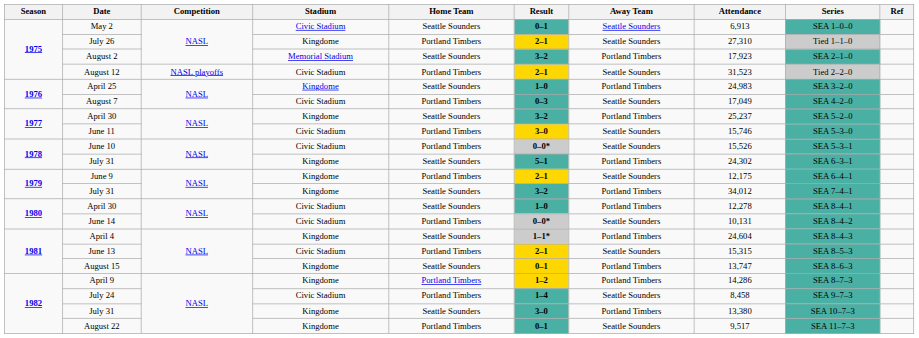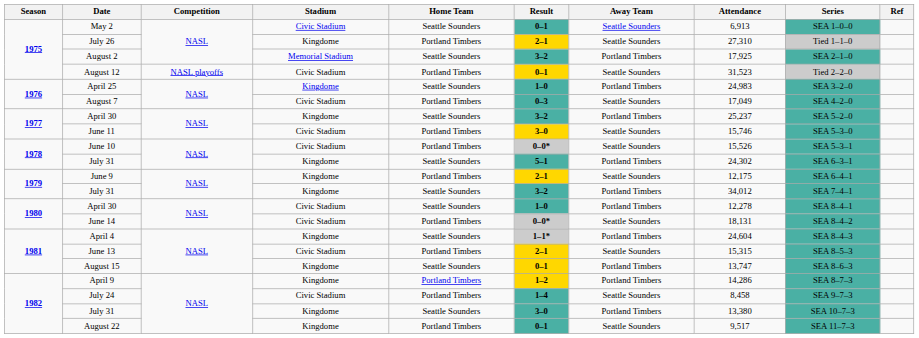 <table class="wikitable" style="text-align: center; width: 100%; font-size: 12px">
 <tr>
 <th>Season</th>
 <th>Date</th>
 <th>Competition</th>
 <th>Stadium</th>
 <th>Home Team</th>
 <th>Result</th>
 <th>Away Team</th>
 <th>Attendance</th>
 <th>Series</th>
 <th>Ref</th>
 </tr>
 <tr>
 <td rowspan="4"><strong><a href='#'>1975</a></strong></td>
 <td>May 2</td>
 <td rowspan="3"><a href='#'>NASL</a></td>
 <td><a href='#'>Civic Stadium</a></td>
 <td>Seattle Sounders</td>
 <td style="background:#4ab0a4;"><span><strong>0–1</strong></span></td>
 <td><a href='#'>Seattle Sounders</a></td>
 <td>6,913</td>
 <td style="background:#4ab0a4;"><span> SEA 1–0–0</span></td>
 <td></td>
 </tr>
 <tr>
 <td>July 26</td>
 <td>Kingdome</td>
 <td>Portland Timbers</td>
 <td bgcolor=gold><strong>2–1</strong></td>
 <td>Seattle Sounders</td>
 <td>27,310</td>
 <td style="background:#CCCCCC;"><span> Tied 1–1–0</span></td>
 <td></td>
 </tr>
 <tr>
 <td>August 2</td>
 <td><a href='#'>Memorial Stadium</a></td>
 <td>Seattle Sounders</td>
 <td style="background:#4ab0a4;"><span><strong>3–2</strong></span></td>
 <td>Portland Timbers</td>
-<td>17,923</td>
+<td>17,925</td>
 <td style="background:#4ab0a4;"><span> SEA 2–1–0</span></td>
 <td></td>
 </tr>
 <tr>
 <td>August 12</td>
 <td><a href='#'>NASL playoffs</a></td>
 <td>Civic Stadium</td>
 <td>Portland Timbers</td>
-<td bgcolor=gold><strong>2–1</strong></td>
+<td bgcolor=gold><strong>0–1</strong></td>
 <td>Seattle Sounders</td>
 <td>31,523</td>
 <td style="background:#CCCCCC;"><span> Tied 2–2–0</span></td>
 <td></td>
 </tr>
 <tr>
 <td rowspan="2"><strong><a href='#'>1976</a></strong></td>
 <td>April 25</td>
 <td rowspan="2"><a href='#'>NASL</a></td>
 <td><a href='#'>Kingdome</a></td>
 <td>Seattle Sounders</td>
 <td style="background:#4ab0a4;"><span><strong>1–0</strong></span></td>
 <td>Portland Timbers</td>
 <td>24,983</td>
 <td style="background:#4ab0a4;"><span> SEA 3–2–0</span></td>
 <td></td>
 </tr>
 <tr>
 <td>August 7</td>
 <td>Civic Stadium</td>
 <td>Portland Timbers</td>
 <td style="background:#4ab0a4;"><span><strong>0–3</strong></span></td>
 <td>Seattle Sounders</td>
 <td>17,049</td>
 <td style="background:#4ab0a4;"><span> SEA 4–2–0</span></td>
 <td></td>
 </tr>
 <tr>
 <td rowspan="2"><strong><a href='#'>1977</a></strong></td>
 <td>April 30</td>
 <td rowspan="2"><a href='#'>NASL</a></td>
 <td>Kingdome</td>
 <td>Seattle Sounders</td>
 <td style="background:#4ab0a4;"><span><strong>3–2</strong></span></td>
 <td>Portland Timbers</td>
 <td>25,237</td>
 <td style="background:#4ab0a4;"><span> SEA 5–2–0</span></td>
 <td></td>
 </tr>
 <tr>
 <td>June 11</td>
 <td>Civic Stadium</td>
 <td>Portland Timbers</td>
 <td bgcolor=gold><strong>3–0</strong></td>
 <td>Seattle Sounders</td>
 <td>15,746</td>
 <td style="background:#4ab0a4;"><span> SEA 5–3–0</span></td>
 <td></td>
 </tr>
 <tr>
 <td rowspan="2"><strong><a href='#'>1978</a></strong></td>
 <td>June 10</td>
 <td rowspan="2"><a href='#'>NASL</a></td>
 <td>Civic Stadium</td>
 <td>Portland Timbers</td>
 <td style="background:#CCCCCC;"><span> <strong>0–0*</strong></span></td>
 <td>Seattle Sounders</td>
 <td>15,526</td>
 <td style="background:#4ab0a4;"><span> SEA 5–3–1</span></td>
 <td></td>
 </tr>
 <tr>
 <td>July 31</td>
 <td>Kingdome</td>
 <td>Seattle Sounders</td>
 <td style="background:#4ab0a4"><span><strong>5–1</strong></span></td>
 <td>Portland Timbers</td>
 <td>24,302</td>
 <td style="background:#4ab0a4;"><span> SEA 6–3–1</span></td>
 <td></td>
 </tr>
 <tr>
 <td rowspan="2"><strong><a href='#'>1979</a></strong></td>
 <td>June 9</td>
 <td rowspan="2"><a href='#'>NASL</a></td>
 <td>Kingdome</td>
 <td>Portland Timbers</td>
 <td bgcolor=gold><strong>2–1</strong></td>
 <td>Seattle Sounders</td>
 <td>12,175</td>
 <td style="background:#4ab0a4;"><span> SEA 6–4–1</span></td>
 <td></td>
 </tr>
 <tr>
 <td>July 31</td>
 <td>Kingdome</td>
 <td>Seattle Sounders</td>
 <td style="background:#4ab0a4"><span><strong>3–2</strong></span></td>
 <td>Portland Timbers</td>
 <td>34,012</td>
 <td style="background:#4ab0a4;"><span> SEA 7–4–1</span></td>
 <td></td>
 </tr>
 <tr>
 <td rowspan="2"><strong><a href='#'>1980</a></strong></td>
 <td>April 30</td>
 <td rowspan="2"><a href='#'>NASL</a></td>
 <td>Civic Stadium</td>
 <td>Seattle Sounders</td>
 <td style="background:#4ab0a4;"><span> <strong>1–0</strong></span></td>
 <td>Portland Timbers</td>
 <td>12,278</td>
 <td style="background:#4ab0a4;"><span> SEA 8–4–1</span></td>
 <td></td>
 </tr>
 <tr>
 <td>June 14</td>
 <td>Civic Stadium</td>
 <td>Portland Timbers</td>
 <td style="background:#CCCCCC;"><span> <strong>0–0*</strong></span></td>
 <td>Seattle Sounders</td>
-<td>10,131</td>
+<td>18,131</td>
 <td style="background:#4ab0a4;"><span> SEA 8–4–2</span></td>
 <td></td>
 </tr>
 <tr>
 <td rowspan="3"><strong><a href='#'>1981</a></strong></td>
 <td>April 4</td>
 <td rowspan="3"><a href='#'>NASL</a></td>
 <td>Kingdome</td>
 <td>Seattle Sounders</td>
 <td style="background:#CCCCCC;"><span> <strong>1–1*</strong></span></td>
 <td>Portland Timbers</td>
 <td>24,604</td>
 <td style="background:#4ab0a4;"><span> SEA 8–4–3</span></td>
 <td></td>
 </tr>
 <tr>
 <td>June 13</td>
 <td>Civic Stadium</td>
 <td>Portland Timbers</td>
 <td bgcolor=gold><strong>2–1</strong></td>
 <td>Seattle Sounders</td>
 <td>15,315</td>
 <td style="background:#4ab0a4;"><span> SEA 8–5–3</span></td>
 <td></td>
 </tr>
 <tr>
 <td>August 15</td>
 <td>Kingdome</td>
 <td>Seattle Sounders</td>
 <td bgcolor=gold><strong>0–1</strong></td>
 <td>Portland Timbers</td>
 <td>13,747</td>
 <td style="background:#4ab0a4;"><span> SEA 8–6–3</span></td>
 <td></td>
 </tr>
 <tr>
 <td rowspan="4"><strong><a href='#'>1982</a></strong></td>
 <td>April 9</td>
 <td rowspan="4"><a href='#'>NASL</a></td>
 <td>Kingdome</td>
 <td><a href='#'>Portland Timbers</a></td>
 <td bgcolor=gold><strong>1–2</strong></td>
 <td>Portland Timbers</td>
 <td>14,286</td>
 <td style="background:#4ab0a4;"><span> SEA 8–7–3</span></td>
 <td></td>
 </tr>
 <tr>
 <td>July 24</td>
 <td>Civic Stadium</td>
 <td>Portland Timbers</td>
 <td style="background:#4ab0a4"><span><strong>1–4</strong></span></td>
 <td>Seattle Sounders</td>
 <td>8,458</td>
 <td style="background:#4ab0a4;"><span> SEA 9–7–3</span></td>
 <td></td>
 </tr>
 <tr>
 <td>July 31</td>
 <td>Kingdome</td>
 <td>Seattle Sounders</td>
 <td style="background:#4ab0a4"><span><strong>3–0</strong></span></td>
 <td>Portland Timbers</td>
 <td>13,380</td>
 <td style="background:#4ab0a4;"><span> SEA 10–7–3</span></td>
 <td></td>
 </tr>
 <tr>
 <td>August 22</td>
 <td>Kingdome</td>
 <td>Portland Timbers</td>
 <td style="background:#4ab0a4"><span><strong>0–1</strong></span></td>
 <td>Seattle Sounders</td>
 <td>9,517</td>
 <td style="background:#4ab0a4;"><span> SEA 11–7–3</span></td>
 <td></td>
 </tr>
 </table>
